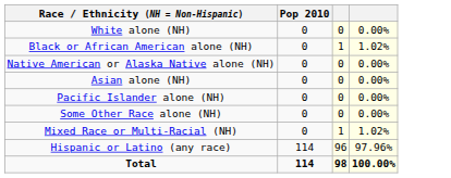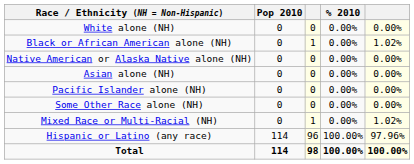 <table class="wikitable" style="text-align:center;">
 <tr>
 <th>Race / Ethnicity <small>(<em>NH = Non-Hispanic</em>)</small></th>
 <th>Pop 2010</th>
 <th></th>
+<th>% 2010</th>
 <th></th>
 </tr>
 <tr>
 <td><a href='#'>White</a> alone (NH)</td>
 <td>0</td>
 <td style='background: #ffffe6;'>0</td>
+<td>0.00%</td>
 <td style='background: #ffffe6;'>0.00%</td>
 </tr>
 <tr>
 <td><a href='#'>Black or African American</a> alone (NH)</td>
 <td>0</td>
 <td style='background: #ffffe6;'>1</td>
+<td>0.00%</td>
 <td style='background: #ffffe6;'>1.02%</td>
 </tr>
 <tr>
 <td><a href='#'>Native American</a> or <a href='#'>Alaska Native</a> alone (NH)</td>
 <td>0</td>
 <td style='background: #ffffe6;'>0</td>
+<td>0.00%</td>
 <td style='background: #ffffe6;'>0.00%</td>
 </tr>
 <tr>
 <td><a href='#'>Asian</a> alone (NH)</td>
 <td>0</td>
 <td style='background: #ffffe6;'>0</td>
+<td>0.00%</td>
 <td style='background: #ffffe6;'>0.00%</td>
 </tr>
 <tr>
 <td><a href='#'>Pacific Islander</a> alone (NH)</td>
 <td>0</td>
 <td style='background: #ffffe6;'>0</td>
+<td>0.00%</td>
 <td style='background: #ffffe6;'>0.00%</td>
 </tr>
 <tr>
 <td><a href='#'>Some Other Race</a> alone (NH)</td>
 <td>0</td>
 <td style='background: #ffffe6;'>0</td>
+<td>0.00%</td>
 <td style='background: #ffffe6;'>0.00%</td>
 </tr>
 <tr>
 <td><a href='#'>Mixed Race or Multi-Racial</a> (NH)</td>
 <td>0</td>
 <td style='background: #ffffe6;'>1</td>
+<td>0.00%</td>
 <td style='background: #ffffe6;'>1.02%</td>
 </tr>
 <tr>
 <td><a href='#'>Hispanic or Latino</a> (any race)</td>
 <td>114</td>
 <td style='background: #ffffe6;'>96</td>
+<td>100.00%</td>
 <td style='background: #ffffe6;'>97.96%</td>
 </tr>
 <tr>
 <td><strong>Total</strong></td>
 <td><strong>114</strong></td>
 <td style='background: #ffffe6;'><strong>98</strong></td>
+<td><strong>100.00%</strong></td>
 <td style='background: #ffffe6;'><strong>100.00%</strong></td>
 </tr>
 </table>
